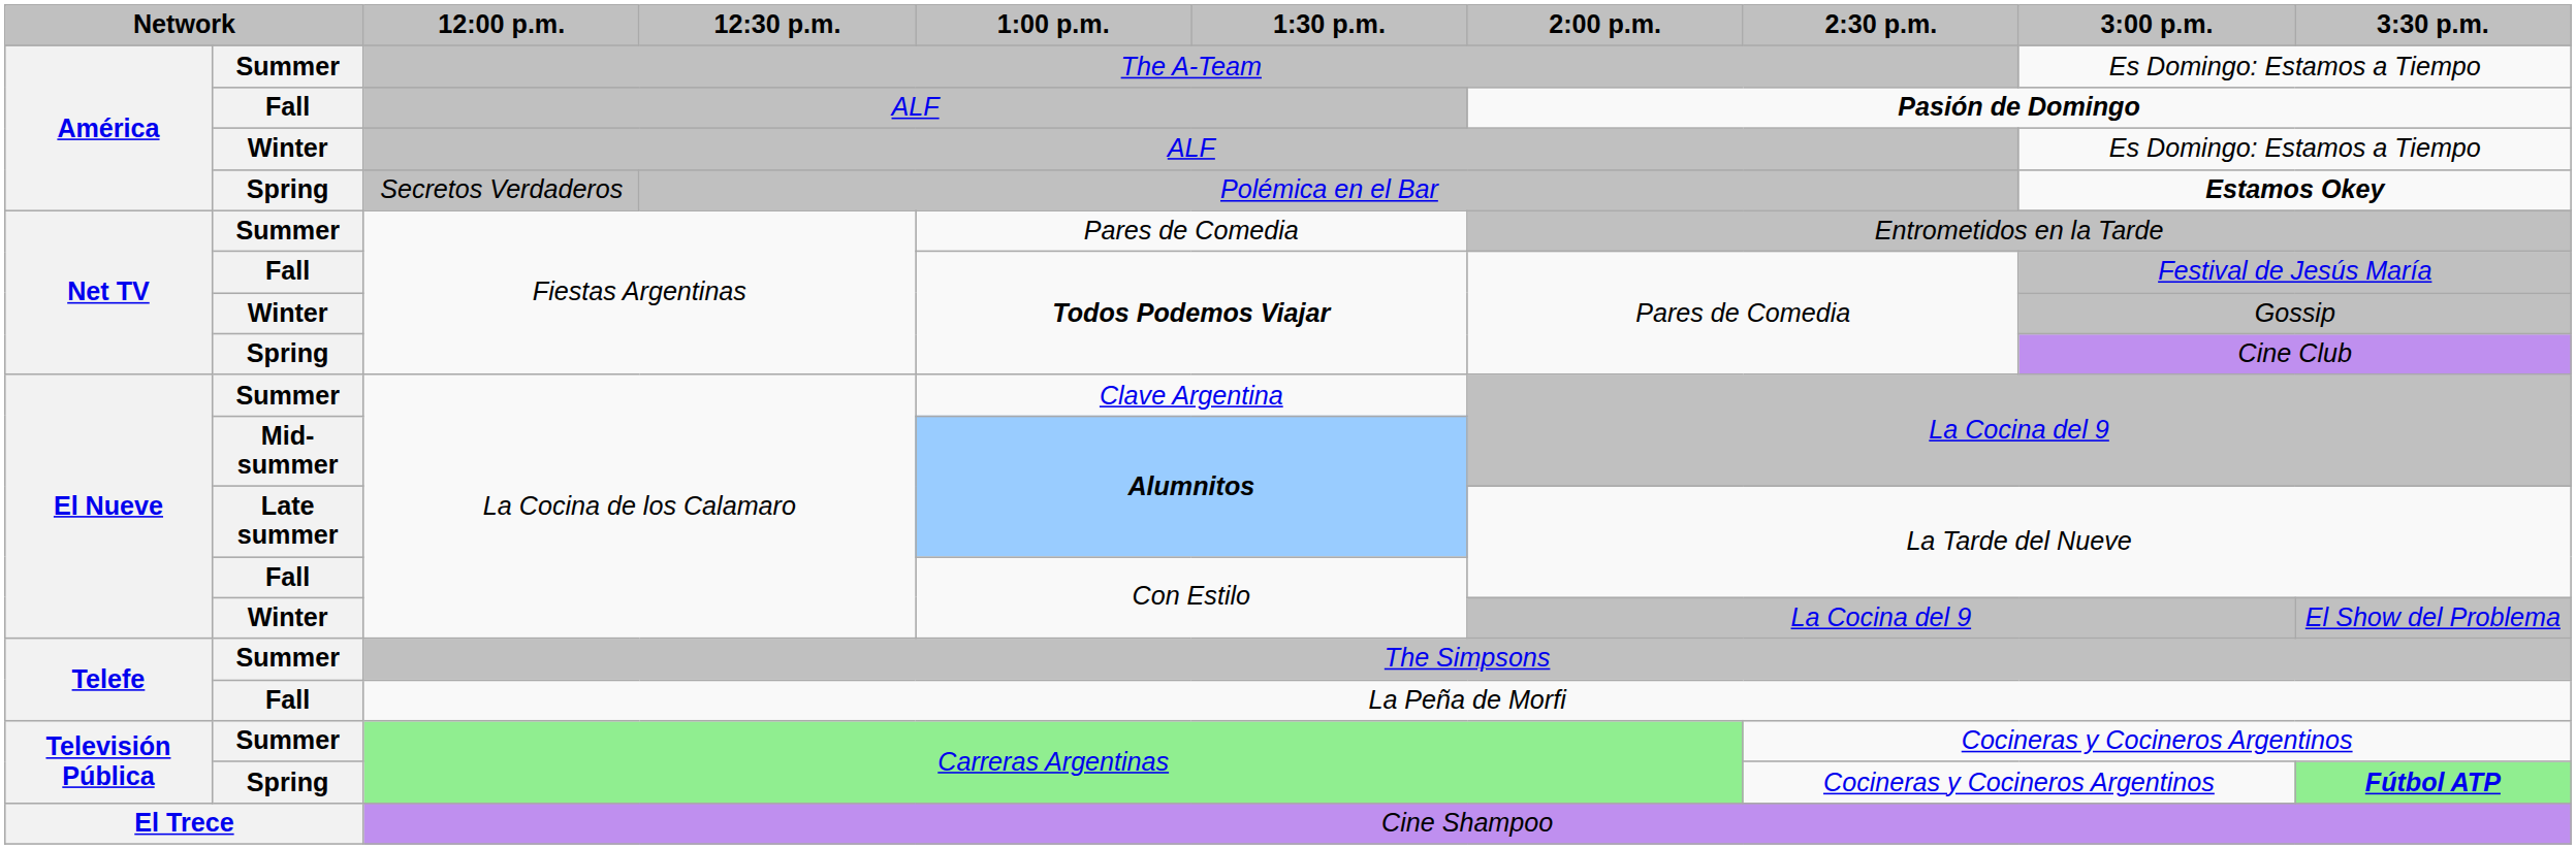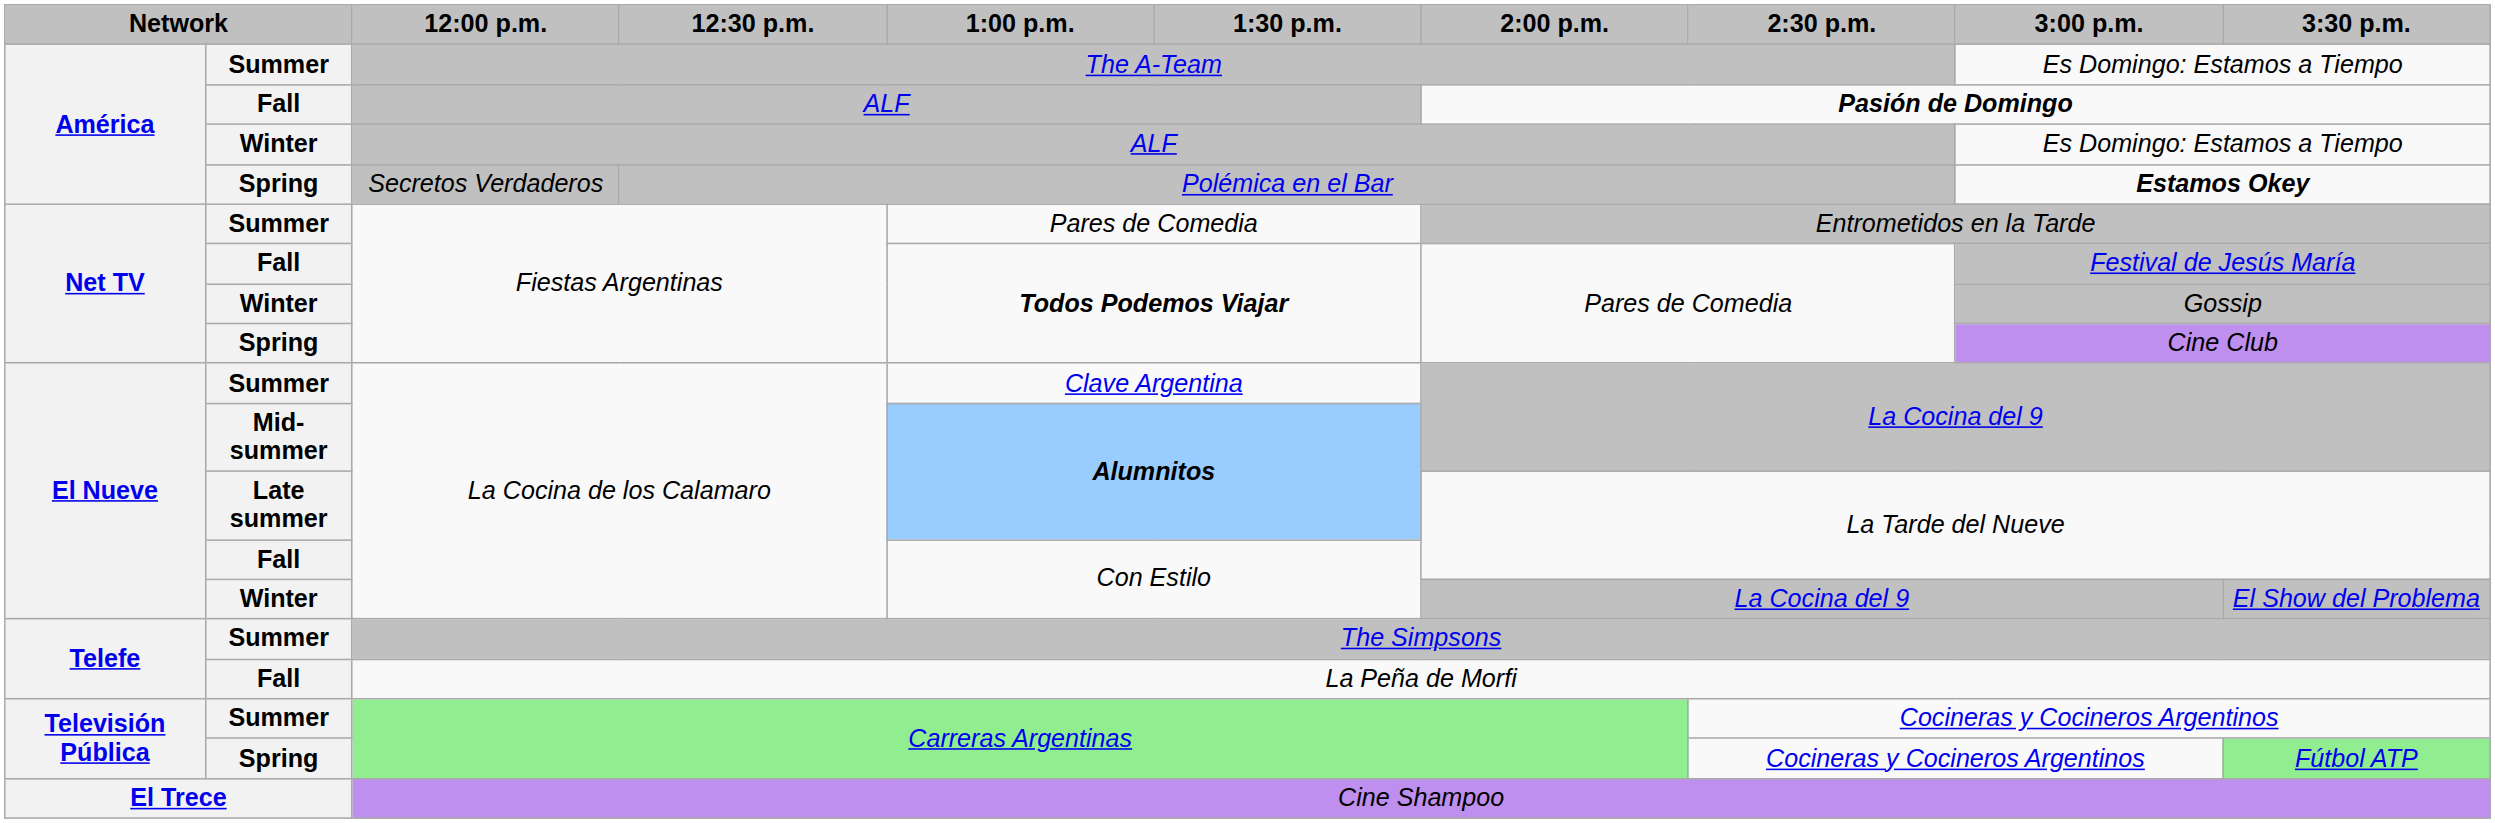 <table class="wikitable" style="width:100%;margin-right:0;text-align:center">
 <tr>
 <th colspan="2" style="background-color:#C0C0C0;width:13%;">Network</th>
 <th style="background-color:#C0C0C0;text-align:center;width:10%;">12:00 p.m.</th>
 <th style="background-color:#C0C0C0;text-align:center;width:10%;">12:30 p.m.</th>
 <th style="background-color:#C0C0C0;text-align:center;width:10%;">1:00 p.m.</th>
 <th style="background-color:#C0C0C0;text-align:center;width:10%;">1:30 p.m.</th>
 <th style="background-color:#C0C0C0;text-align:center;width:10%;">2:00 p.m.</th>
 <th style="background-color:#C0C0C0;text-align:center;width:10%;">2:30 p.m.</th>
 <th style="background-color:#C0C0C0;text-align:center;width:10%;">3:00 p.m.</th>
 <th style="background-color:#C0C0C0;text-align:center;width:10%;">3:30 p.m.</th>
 </tr>
 <tr>
 <th rowspan="4"><a href='#'>América</a></th>
 <th>Summer</th>
 <td style="background:#C0C0C0;" colspan="6"><em><a href='#'>The A-Team</a></em> </td>
 <td colspan="2"><em>Es Domingo: Estamos a Tiempo</em><br></td>
 </tr>
 <tr>
 <th>Fall</th>
 <td style="background:#C0C0C0;" colspan="4"><em><a href='#'>ALF</a></em>  </td>
 <td colspan="4"><strong><em>Pasión de Domingo</em></strong> </td>
 </tr>
 <tr>
 <th>Winter</th>
 <td style="background:#C0C0C0;" colspan="6"><em><a href='#'>ALF</a></em> </td>
 <td colspan="2"><em>Es Domingo: Estamos a Tiempo</em><br></td>
 </tr>
 <tr>
 <th>Spring</th>
 <td style="background:#C0C0C0;"><em>Secretos Verdaderos</em> </td>
 <td style="background:#C0C0C0;" colspan="5"><em><a href='#'>Polémica en el Bar</a></em> </td>
 <td colspan="2"><strong><em>Estamos Okey</em></strong><br></td>
 </tr>
 <tr>
 <th rowspan="4"><a href='#'>Net TV</a></th>
 <th>Summer</th>
 <td colspan="2" rowspan="4"><em>Fiestas Argentinas</em></td>
 <td colspan="2"><em>Pares de Comedia</em></td>
 <td style="background:#C0C0C0;" colspan="4"><em>Entrometidos en la Tarde</em> </td>
 </tr>
 <tr>
 <th>Fall</th>
 <td colspan="2" rowspan="3"><strong><em>Todos Podemos Viajar</em></strong></td>
 <td colspan="2" rowspan="3"><em>Pares de Comedia</em></td>
 <td style="background:#C0C0C0;" colspan="2"><em><a href='#'>Festival de Jesús María</a></em>  </td>
 </tr>
 <tr>
 <th>Winter</th>
 <td style="background:#C0C0C0;" colspan="2"><em>Gossip</em> <br></td>
 </tr>
 <tr>
 <th>Spring</th>
 <td style="background:#bf8fef;" colspan="2"><em>Cine Club</em><br></td>
 </tr>
 <tr>
 <th rowspan="5"><a href='#'>El Nueve</a></th>
 <th>Summer</th>
 <td colspan="2" rowspan="5"><em>La Cocina de los Calamaro</em></td>
 <td colspan="2"><em><a href='#'>Clave Argentina</a></em></td>
 <td style="background:#C0C0C0;" colspan="4" rowspan="2"><em><a href='#'>La Cocina del 9</a></em> </td>
 </tr>
 <tr>
 <th>Mid-summer</th>
 <td style="background:#99ccff;" colspan="2" rowspan="2"><strong><em>Alumnitos</em></strong></td>
 </tr>
 <tr>
 <th>Late summer</th>
 <td colspan="4" rowspan="2"><em>La Tarde del Nueve</em> </td>
 </tr>
 <tr>
 <th>Fall</th>
 <td colspan="2" rowspan="2"><em>Con Estilo</em></td>
 </tr>
 <tr>
 <th>Winter</th>
 <td style="background:#C0C0C0;" colspan="3"><em><a href='#'>La Cocina del 9</a></em> </td>
 <td style="background:#C0C0C0;" colspan="3"><em><a href='#'>El Show del Problema</a></em>  </td>
 </tr>
 <tr>
 <th rowspan="2"><a href='#'>Telefe</a></th>
 <th>Summer</th>
 <td style="background:#C0C0C0;" colspan="8"><em><a href='#'>The Simpsons</a></em>  </td>
 </tr>
 <tr>
 <th>Fall</th>
 <td colspan="8"><em>La Peña de Morfi</em>  </td>
 </tr>
 <tr>
 <th rowspan="2"><a href='#'>Televisión Pública</a></th>
 <th>Summer</th>
 <td style="background:lightgreen;" colspan="5" rowspan="2"><em><a href='#'>Carreras Argentinas</a></em> </td>
 <td colspan="3"><em><a href='#'>Cocineras y Cocineros Argentinos</a></em></td>
 </tr>
 <tr>
 <th>Spring</th>
 <td colspan="2"><em><a href='#'>Cocineras y Cocineros Argentinos</a></em></td>
-<td style="background:lightgreen;"><strong><em><a href='#'>Fútbol ATP</a></em> </strong></td>
+<td style="background:lightgreen;"><em><a href='#'>Fútbol ATP</a></em> </td>
 </tr>
 <tr>
 <th colspan="2"><a href='#'>El Trece</a></th>
 <td style="background:#bf8fef;" colspan="8"><em>Cine Shampoo</em> </td>
 </tr>
 </table>
